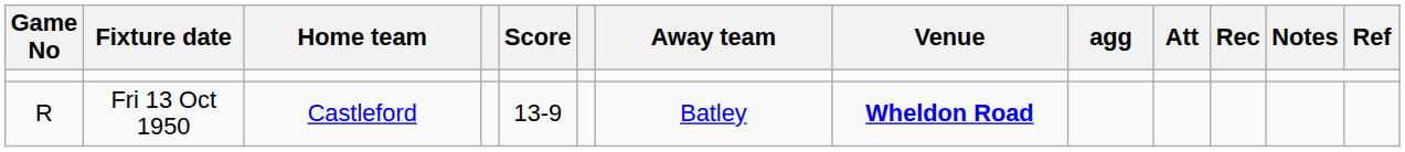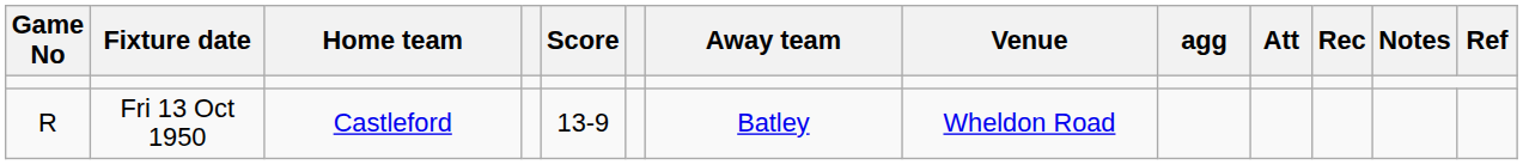 <table class="wikitable" style="text-align:center;">
 <tr>
 <th width=20 abbr="No">Game No</th>
 <th width=100 abbr="Date">Fixture date</th>
 <th width=150 abbr="Home team">Home team</th>
 <th width=5 abbr="space"></th>
 <th width=20 abbr="Score">Score</th>
 <th width=5 abbr="space"></th>
 <th width=150 abbr="Away team">Away team</th>
 <th width=150 abbr="Venue">Venue</th>
 <th width=50 abbr="agg">agg</th>
 <th width=30 abbr="Att">Att</th>
 <th width=30 abbr="Rec">Rec</th>
 <th width=20 abbr="Notes">Notes</th>
 <th width=30 abbr="Ref">Ref</th>
 </tr>
 <tr>
 <td></td>
 <td></td>
 <td></td>
 <td></td>
 <td></td>
 <td></td>
 <td></td>
 <td></td>
 <td></td>
 <td></td>
 <td></td>
 </tr>
 <tr>
 <td>R</td>
 <td>Fri 13 Oct 1950</td>
 <td><a href='#'>Castleford</a></td>
 <td></td>
 <td>13-9</td>
 <td></td>
 <td><a href='#'>Batley</a></td>
-<td><strong><a href='#'>Wheldon Road</a></strong></td>
+<td><a href='#'>Wheldon Road</a></td>
 <td></td>
 <td></td>
 <td></td>
 <td></td>
 <td></td>
 </tr>
 </table>
